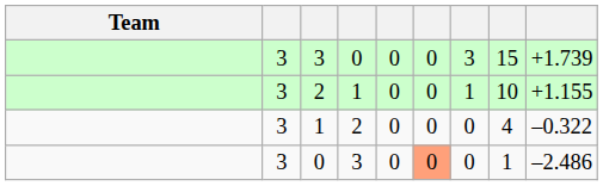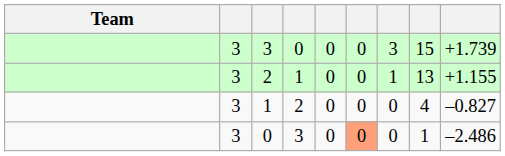 <table class="wikitable" style="text-align:center">
 <tr>
 <th width=180>Team</th>
 <th width=20></th>
 <th width=20></th>
 <th width=20></th>
 <th width=20></th>
 <th width=20></th>
 <th width=20></th>
 <th width=20></th>
 <th width=45></th>
 </tr>
 <tr style="background:#cfc">
 <td align="left"></td>
 <td>3</td>
 <td>3</td>
 <td>0</td>
 <td>0</td>
 <td>0</td>
 <td>3</td>
 <td>15</td>
 <td>+1.739</td>
 </tr>
 <tr style="background:#cfc">
 <td align="left"></td>
 <td>3</td>
 <td>2</td>
 <td>1</td>
 <td>0</td>
 <td>0</td>
 <td>1</td>
-<td>10</td>
+<td>13</td>
 <td>+1.155</td>
 </tr>
 <tr>
 <td align="left"></td>
 <td>3</td>
 <td>1</td>
 <td>2</td>
 <td>0</td>
 <td>0</td>
 <td>0</td>
 <td>4</td>
-<td>–0.322</td>
+<td>–0.827</td>
 </tr>
 <tr>
 <td align="left"></td>
 <td>3</td>
 <td>0</td>
 <td>3</td>
 <td>0</td>
 <td style="background: lightsalmon;">0</td>
 <td>0</td>
 <td>1</td>
 <td>–2.486</td>
 </tr>
 </table>
